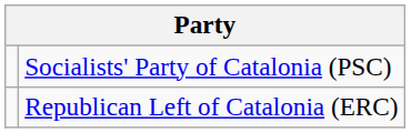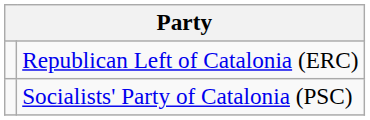 <table class="wikitable" style="text-align:left;">
 <tr>
 <th colspan="2">Party</th>
 </tr>
 <tr>
+<td></td>
+<td><a href='#'>Republican Left of Catalonia</a> (ERC)</td>
+</tr>
+<tr>
 <td width="1"></td>
 <td><a href='#'>Socialists' Party of Catalonia</a> (PSC)</td>
 </tr>
-<tr>
-<td></td>
-<td><a href='#'>Republican Left of Catalonia</a> (ERC)</td>
-</tr>
 </table>
